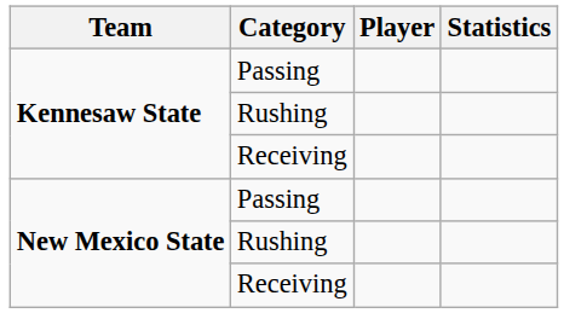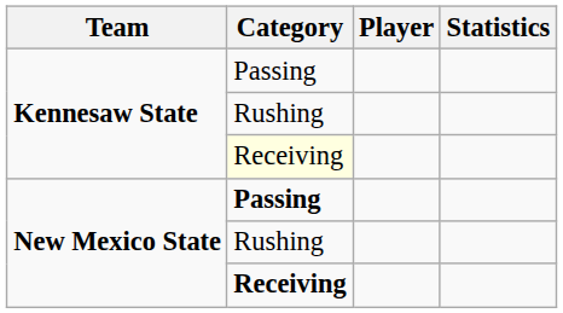 <table class="wikitable" style="float: right;">
 <tr>
 <th>Team</th>
 <th>Category</th>
 <th>Player</th>
 <th>Statistics</th>
 </tr>
 <tr>
 <td rowspan=3><strong>Kennesaw State</strong></td>
 <td>Passing</td>
 <td></td>
 <td></td>
 </tr>
 <tr>
 <td>Rushing</td>
 <td></td>
 <td></td>
 </tr>
 <tr>
-<td>Receiving</td>
+<td style="background: lightyellow;">Receiving</td>
 <td></td>
 <td></td>
 </tr>
 <tr>
 <td rowspan=3><strong>New Mexico State</strong></td>
-<td>Passing</td>
+<td><strong>Passing</strong></td>
 <td></td>
 <td></td>
 </tr>
 <tr>
 <td>Rushing</td>
 <td></td>
 <td></td>
 </tr>
 <tr>
-<td>Receiving</td>
+<td><strong>Receiving</strong></td>
 <td></td>
 <td></td>
 </tr>
 </table>
